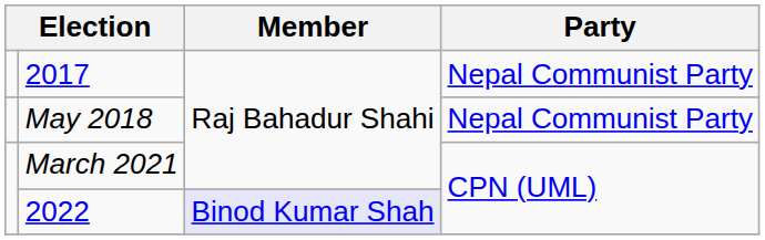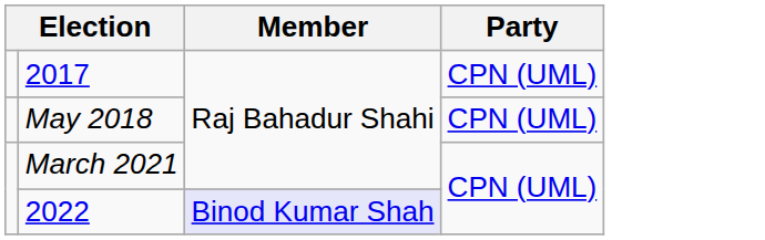 <table class="wikitable">
 <tr>
 <th colspan="2">Election</th>
 <th>Member</th>
 <th>Party</th>
 </tr>
 <tr>
 <td style="color:inherit;background:"></td>
 <td><a href='#'>2017</a></td>
 <td rowspan="3">Raj Bahadur Shahi</td>
-<td><a href='#'>Nepal Communist Party</a></td>
+<td><a href='#'>CPN (UML)</a></td>
 </tr>
 <tr>
 <td style="color:inherit;background:"></td>
 <td><em>May 2018</em></td>
-<td><a href='#'>Nepal Communist Party</a></td>
+<td><a href='#'>CPN (UML)</a></td>
 </tr>
 <tr>
 <td rowspan="2" style="color:inherit;background:"></td>
 <td><em>March 2021</em></td>
 <td rowspan="2"><a href='#'>CPN (UML)</a></td>
 </tr>
 <tr>
 <td><a href='#'>2022</a></td>
 <td style="background: lavender;"><a href='#'>Binod Kumar Shah</a></td>
 </tr>
 </table>
